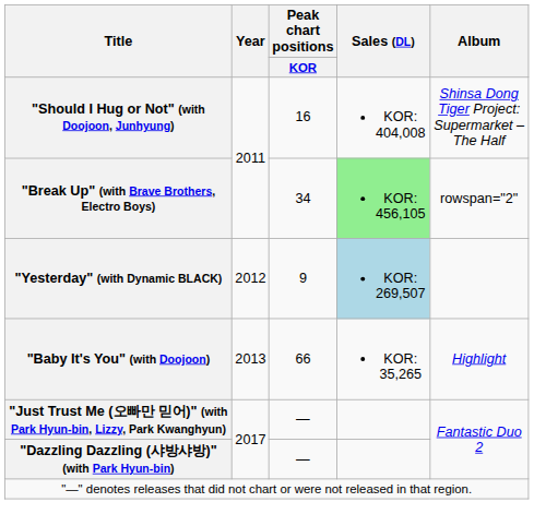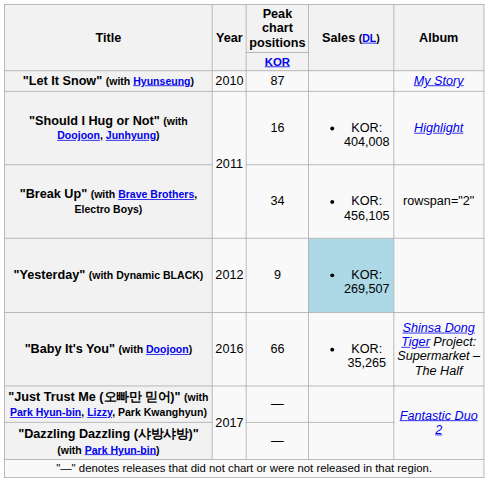 <table class="wikitable plainrowheaders" style="text-align:center;">
 <tr>
 <th scope="col" rowspan="2" style="width:16em;">Title</th>
 <th scope="col" rowspan="2">Year</th>
 <th scope="col" colspan="1">Peak chart positions</th>
 <th scope="col" rowspan="2">Sales <small>(<a href='#'>DL</a>)</small></th>
 <th scope="col" rowspan="2">Album</th>
 </tr>
 <tr>
 <th scope="col" style="width:3em;font-size:90%;"><a href='#'>KOR</a><br></th>
 </tr>
 <tr>
+<th scope="row">"Let It Snow" <small>(with <a href='#'>Hyunseung</a>)</small></th>
+<td>2010</td>
+<td>87</td>
+<td></td>
+<td><a href='#'><em>My Story</em></a></td>
+</tr>
+<tr>
 <th scope="row">"Should I Hug or Not" <small>(with <a href='#'>Doojoon</a>, <a href='#'>Junhyung</a>)</small></th>
 <td rowspan="2">2011</td>
 <td>16</td>
 <td><br><ul><li>KOR: 404,008</li></ul></td>
-<td><em><a href='#'>Shinsa Dong Tiger</a> Project: Supermarket – The Half</em></td>
+<td><em><a href='#'>Highlight</a></em></td>
 </tr>
 <tr>
 <th scope="row">"Break Up" <small>(with <a href='#'>Brave Brothers</a>, Electro Boys)</small></th>
 <td>34</td>
-<td style="background: lightgreen;"><br><ul><li>KOR: 456,105</li></ul></td>
+<td><br><ul><li>KOR: 456,105</li></ul></td>
 <td>rowspan="2" </td>
 </tr>
 <tr>
 <th scope="row">"Yesterday" <small>(with Dynamic BLACK)</small></th>
 <td>2012</td>
 <td>9</td>
 <td style="background: lightblue;"><br><ul><li>KOR: 269,507</li></ul></td>
 </tr>
 <tr>
 <th scope="row">"Baby It's You" <small>(with <a href='#'>Doojoon</a>)</small></th>
-<td>2013</td>
+<td>2016</td>
 <td>66</td>
 <td><br><ul><li>KOR: 35,265</li></ul></td>
-<td><em><a href='#'>Highlight</a></em></td>
+<td><em><a href='#'>Shinsa Dong Tiger</a> Project: Supermarket – The Half</em></td>
 </tr>
 <tr>
 <th scope="row">"Just Trust Me (오빠만 믿어)" <small>(with <a href='#'>Park Hyun-bin</a>, <a href='#'>Lizzy</a>, Park Kwanghyun)</small></th>
 <td rowspan="2">2017</td>
 <td>—</td>
 <td></td>
 <td rowspan="2"><em><a href='#'> Fantastic Duo 2</a></em></td>
 </tr>
 <tr>
 <th scope="row">"Dazzling Dazzling (샤방샤방)" <small>(with <a href='#'>Park Hyun-bin</a>)</small></th>
 <td>—</td>
 <td></td>
 </tr>
 <tr>
 <td colspan="5" style="font-size:90%">"—" denotes releases that did not chart or were not released in that region.</td>
 </tr>
 </table>
